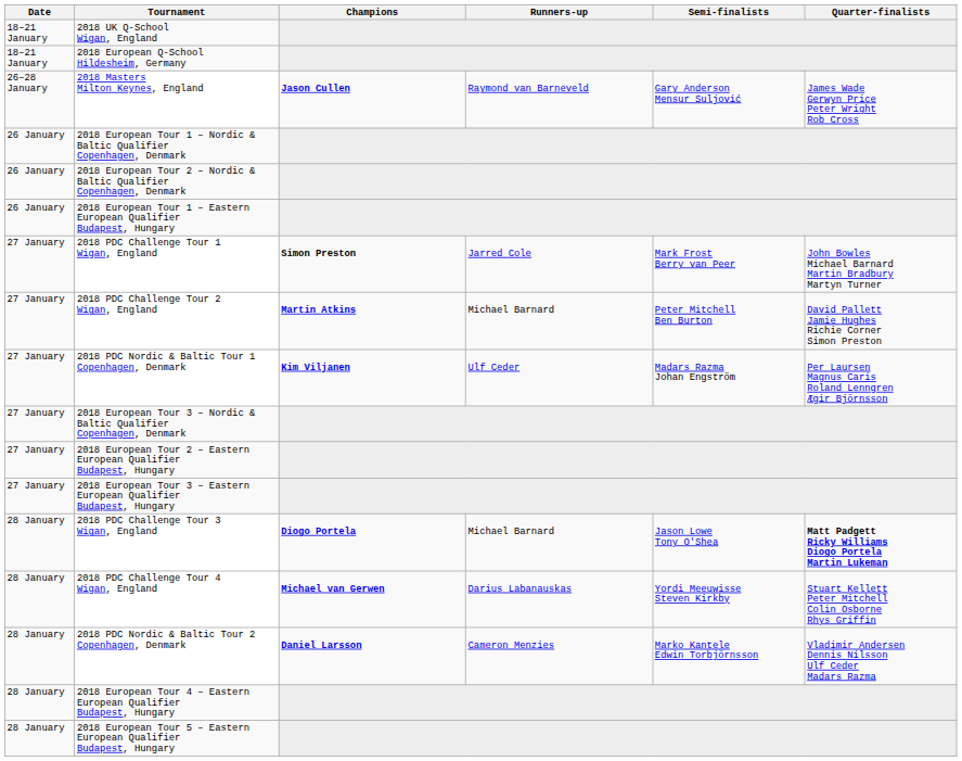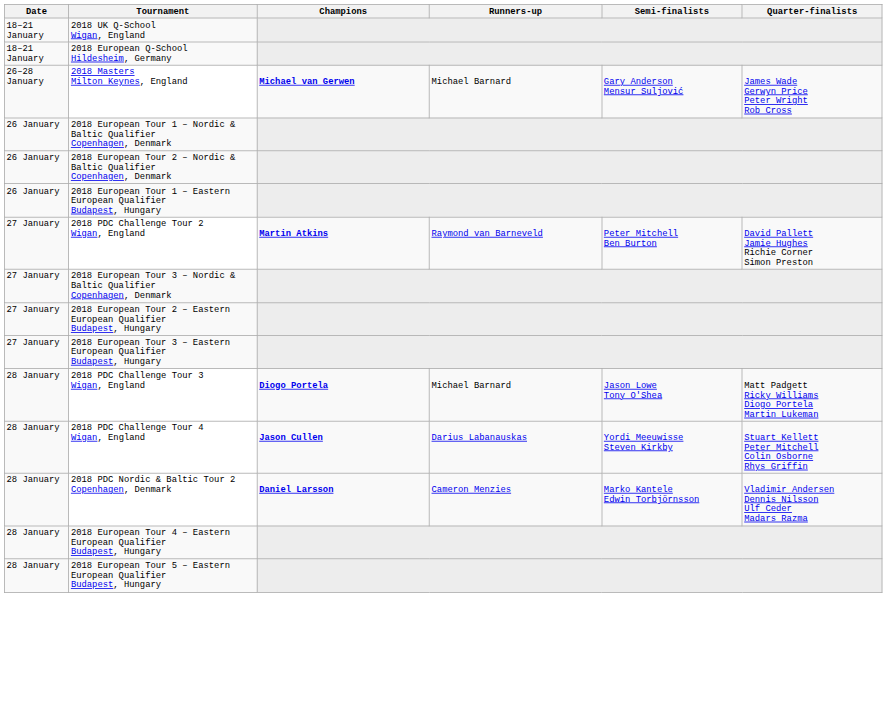 <table class=wikitable style=font-size:85%>
 <tr>
 <th width=75>Date</th>
 <th width=230>Tournament</th>
 <th width=210>Champions</th>
 <th width=210>Runners-up</th>
 <th width=170>Semi-finalists</th>
 <th width=170>Quarter-finalists</th>
 </tr>
 <tr valign="top">
 <td rowspan=1>18–21 January</td>
 <td>2018 UK Q-School <br><a href='#'>Wigan</a>, England</td>
 <td colspan=4 bgcolor="#ededed"></td>
 </tr>
 <tr valign="top">
 <td rowspan=1>18–21 January</td>
 <td>2018 European Q-School <br><a href='#'>Hildesheim</a>, Germany</td>
 <td colspan=4 bgcolor="#ededed"></td>
 </tr>
 <tr valign="top">
 <td>26–28 January</td>
 <td bgcolor="#ffffff"><a href='#'>2018 Masters</a><br><a href='#'>Milton Keynes</a>, England</td>
-<td><br> <strong><a href='#'>Jason Cullen</a></strong></td>
-<td><br> <a href='#'>Raymond van Barneveld</a></td>
+<td><br> <strong><a href='#'>Michael van Gerwen</a></strong></td>
+<td><br> Michael Barnard</td>
 <td><br> <a href='#'>Gary Anderson</a> <br>  <a href='#'>Mensur Suljović</a></td>
 <td><br> <a href='#'>James Wade</a> <br>  <a href='#'>Gerwyn Price</a> <br>  <a href='#'>Peter Wright</a> <br>  <a href='#'>Rob Cross</a></td>
 </tr>
 <tr valign="top">
 <td rowspan=1>26 January</td>
 <td>2018 European Tour 1 – Nordic & Baltic Qualifier <br><a href='#'>Copenhagen</a>, Denmark</td>
 <td colspan=4 bgcolor="#ededed"></td>
 </tr>
 <tr valign="top">
 <td rowspan=1>26 January</td>
 <td>2018 European Tour 2 – Nordic & Baltic Qualifier <br><a href='#'>Copenhagen</a>, Denmark</td>
 <td colspan=4 bgcolor="#ededed"></td>
 </tr>
 <tr valign="top">
 <td rowspan=1>26 January</td>
 <td>2018 European Tour 1 – Eastern European Qualifier <br><a href='#'>Budapest</a>, Hungary</td>
 <td colspan=4 bgcolor="#ededed"></td>
 </tr>
 <tr valign="top">
 <td>27 January</td>
-<td bgcolor="#ffffff">2018 PDC Challenge Tour 1<br><a href='#'>Wigan</a>, England</td>
-<td><br> <strong>Simon Preston</strong></td>
-<td><br> <a href='#'>Jarred Cole</a></td>
-<td><br> <a href='#'>Mark Frost</a> <br>  <a href='#'>Berry van Peer</a></td>
-<td><br> <a href='#'>John Bowles</a> <br>  Michael Barnard <br>  <a href='#'>Martin Bradbury</a> <br>  Martyn Turner</td>
-</tr>
-<tr valign="top">
-<td>27 January</td>
 <td bgcolor="#ffffff">2018 PDC Challenge Tour 2<br><a href='#'>Wigan</a>, England</td>
 <td><br> <strong><a href='#'>Martin Atkins</a></strong></td>
-<td><br> Michael Barnard</td>
+<td><br> <a href='#'>Raymond van Barneveld</a></td>
 <td><br> <a href='#'>Peter Mitchell</a> <br>  <a href='#'>Ben Burton</a></td>
 <td><br> <a href='#'>David Pallett</a> <br>  <a href='#'>Jamie Hughes</a> <br>  Richie Corner <br>  Simon Preston</td>
-</tr>
-<tr valign="top">
-<td>27 January</td>
-<td bgcolor="#ffffff">2018 PDC Nordic & Baltic Tour 1<br><a href='#'>Copenhagen</a>, Denmark</td>
-<td><br> <strong><a href='#'>Kim Viljanen</a></strong></td>
-<td><br> <a href='#'>Ulf Ceder</a></td>
-<td><br> <a href='#'>Madars Razma</a> <br>  Johan Engström</td>
-<td><br> <a href='#'>Per Laursen</a> <br>  <a href='#'>Magnus Caris</a> <br>  <a href='#'>Roland Lenngren</a> <br>  <a href='#'>Ægir Björnsson</a></td>
 </tr>
 <tr valign="top">
 <td rowspan=1>27 January</td>
 <td>2018 European Tour 3 – Nordic & Baltic Qualifier <br><a href='#'>Copenhagen</a>, Denmark</td>
 <td colspan=4 bgcolor="#ededed"></td>
 </tr>
 <tr valign="top">
 <td rowspan=1>27 January</td>
 <td>2018 European Tour 2 – Eastern European Qualifier <br><a href='#'>Budapest</a>, Hungary</td>
 <td colspan=4 bgcolor="#ededed"></td>
 </tr>
 <tr valign="top">
 <td rowspan=1>27 January</td>
 <td>2018 European Tour 3 – Eastern European Qualifier <br><a href='#'>Budapest</a>, Hungary</td>
 <td colspan=4 bgcolor="#ededed"></td>
 </tr>
 <tr valign="top">
 <td>28 January</td>
 <td bgcolor="#ffffff">2018 PDC Challenge Tour 3<br><a href='#'>Wigan</a>, England</td>
 <td><br> <strong><a href='#'>Diogo Portela</a></strong></td>
 <td><br> Michael Barnard</td>
 <td><br> <a href='#'>Jason Lowe</a> <br>  <a href='#'>Tony O'Shea</a></td>
-<td><strong><br> Matt Padgett <br>  <a href='#'>Ricky Williams</a> <br>  <a href='#'>Diogo Portela</a> <br>  <a href='#'>Martin Lukeman</a></strong></td>
+<td><br> Matt Padgett <br>  <a href='#'>Ricky Williams</a> <br>  <a href='#'>Diogo Portela</a> <br>  <a href='#'>Martin Lukeman</a></td>
 </tr>
 <tr valign="top">
 <td>28 January</td>
 <td bgcolor="#ffffff">2018 PDC Challenge Tour 4<br><a href='#'>Wigan</a>, England</td>
-<td><br> <strong><a href='#'>Michael van Gerwen</a></strong></td>
+<td><br> <strong><a href='#'>Jason Cullen</a></strong></td>
 <td><br> <a href='#'>Darius Labanauskas</a></td>
 <td><br> <a href='#'>Yordi Meeuwisse</a> <br>  <a href='#'>Steven Kirkby</a></td>
 <td><br> <a href='#'>Stuart Kellett</a> <br>  <a href='#'>Peter Mitchell</a> <br>  <a href='#'>Colin Osborne</a> <br>  <a href='#'>Rhys Griffin</a></td>
 </tr>
 <tr valign="top">
 <td>28 January</td>
 <td bgcolor="#ffffff">2018 PDC Nordic & Baltic Tour 2<br><a href='#'>Copenhagen</a>, Denmark</td>
 <td><br> <strong><a href='#'>Daniel Larsson</a></strong></td>
 <td><br> <a href='#'>Cameron Menzies</a></td>
 <td><br> <a href='#'>Marko Kantele</a> <br>  <a href='#'>Edwin Torbjörnsson</a></td>
 <td><br> <a href='#'>Vladimir Andersen</a> <br>  <a href='#'>Dennis Nilsson</a> <br>  <a href='#'>Ulf Ceder</a> <br>  <a href='#'>Madars Razma</a></td>
 </tr>
 <tr valign="top">
 <td rowspan=1>28 January</td>
 <td>2018 European Tour 4 – Eastern European Qualifier <br><a href='#'>Budapest</a>, Hungary</td>
 <td colspan=4 bgcolor="#ededed"></td>
 </tr>
 <tr valign="top">
 <td rowspan=1>28 January</td>
 <td>2018 European Tour 5 – Eastern European Qualifier <br><a href='#'>Budapest</a>, Hungary</td>
 <td colspan=4 bgcolor="#ededed"></td>
 </tr>
 </table>
